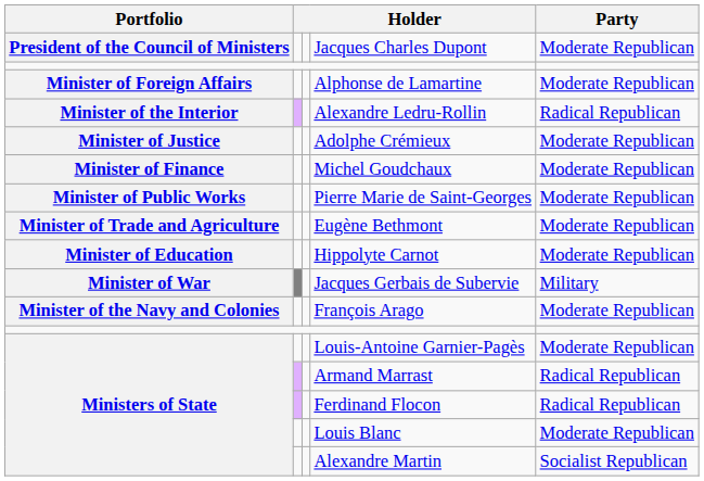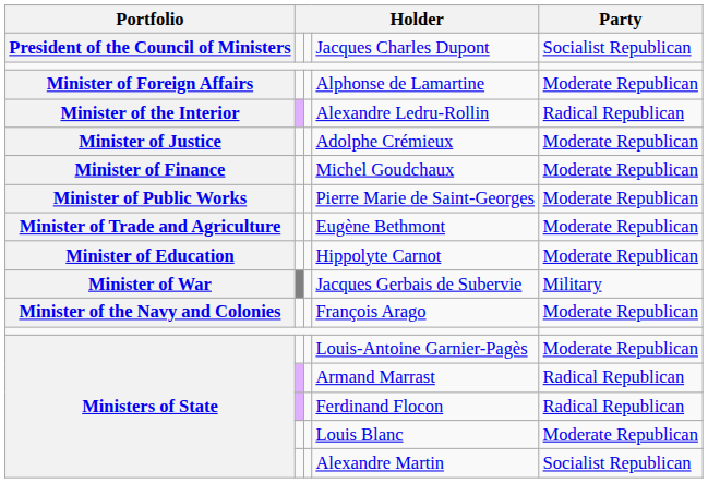 <table class="wikitable">
 <tr>
 <th>Portfolio</th>
 <th colspan=3>Holder</th>
 <th>Party</th>
 </tr>
 <tr>
 <th><a href='#'>President of the Council of Ministers</a></th>
 <td style="background:"></td>
 <td></td>
 <td><a href='#'>Jacques Charles Dupont</a></td>
-<td><a href='#'>Moderate Republican</a></td>
+<td><a href='#'>Socialist Republican</a></td>
 </tr>
 <tr>
 <td colspan=4></td>
 </tr>
 <tr>
 <th><a href='#'>Minister of Foreign Affairs</a></th>
 <td style="background:"></td>
 <td></td>
 <td><a href='#'>Alphonse de Lamartine</a></td>
 <td><a href='#'>Moderate Republican</a></td>
 </tr>
 <tr>
 <th><a href='#'>Minister of the Interior</a></th>
 <td style="background:#E0B0FF;"></td>
 <td></td>
 <td><a href='#'>Alexandre Ledru-Rollin</a></td>
 <td><a href='#'>Radical Republican</a></td>
 </tr>
 <tr>
 <th><a href='#'>Minister of Justice</a></th>
 <td style="background:"></td>
 <td></td>
 <td><a href='#'>Adolphe Crémieux</a></td>
 <td><a href='#'>Moderate Republican</a></td>
 </tr>
 <tr>
 <th><a href='#'>Minister of Finance</a></th>
 <td style="background:"></td>
 <td></td>
 <td><a href='#'>Michel Goudchaux</a></td>
 <td><a href='#'>Moderate Republican</a></td>
 </tr>
 <tr>
 <th><a href='#'>Minister of Public Works</a></th>
 <td style="background:"></td>
 <td></td>
 <td><a href='#'>Pierre Marie de Saint-Georges</a></td>
 <td><a href='#'>Moderate Republican</a></td>
 </tr>
 <tr>
 <th><a href='#'>Minister of Trade and Agriculture</a></th>
 <td style="background:"></td>
 <td></td>
 <td><a href='#'>Eugène Bethmont</a></td>
 <td><a href='#'>Moderate Republican</a></td>
 </tr>
 <tr>
 <th><a href='#'>Minister of Education</a></th>
 <td style="background:"></td>
 <td></td>
 <td><a href='#'>Hippolyte Carnot</a></td>
 <td><a href='#'>Moderate Republican</a></td>
 </tr>
 <tr>
 <th><a href='#'>Minister of War</a></th>
 <td style="background:#808080;"></td>
 <td></td>
 <td><a href='#'>Jacques Gerbais de Subervie</a></td>
 <td><a href='#'>Military</a></td>
 </tr>
 <tr>
 <th><a href='#'>Minister of the Navy and Colonies</a></th>
 <td style="background:"></td>
 <td></td>
 <td><a href='#'>François Arago</a></td>
 <td><a href='#'>Moderate Republican</a></td>
 </tr>
 <tr>
 <td colspan=4></td>
 </tr>
 <tr>
 <th rowspan=5><a href='#'>Ministers of State</a></th>
 <td style="background:"></td>
 <td></td>
 <td><a href='#'>Louis-Antoine Garnier-Pagès</a></td>
 <td><a href='#'>Moderate Republican</a></td>
 </tr>
 <tr>
 <td style="background:#E0B0FF;"></td>
 <td></td>
 <td><a href='#'>Armand Marrast</a></td>
 <td><a href='#'>Radical Republican</a></td>
 </tr>
 <tr>
 <td style="background:#E0B0FF;"></td>
 <td></td>
 <td><a href='#'>Ferdinand Flocon</a></td>
 <td><a href='#'>Radical Republican</a></td>
 </tr>
 <tr>
 <td style="background:"></td>
 <td></td>
 <td><a href='#'>Louis Blanc</a></td>
 <td><a href='#'>Moderate Republican</a></td>
 </tr>
 <tr>
 <td style="background:"></td>
 <td></td>
 <td><a href='#'>Alexandre Martin</a></td>
 <td><a href='#'>Socialist Republican</a></td>
 </tr>
 </table>
